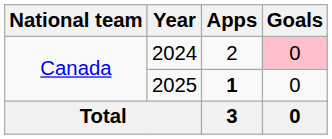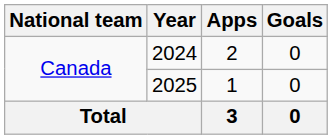 <table class="wikitable" style="text-align:center">
 <tr>
 <th>National team</th>
 <th>Year</th>
 <th>Apps</th>
 <th>Goals</th>
 </tr>
 <tr>
 <td rowspan="2"><a href='#'>Canada</a></td>
 <td>2024</td>
 <td>2</td>
-<td style="background: pink;">0</td>
+<td>0</td>
 </tr>
 <tr>
 <td>2025</td>
-<td><strong>1</strong></td>
+<td>1</td>
 <td>0</td>
 </tr>
 <tr>
 <th colspan="2">Total</th>
 <th>3</th>
 <th>0</th>
 </tr>
 </table>
